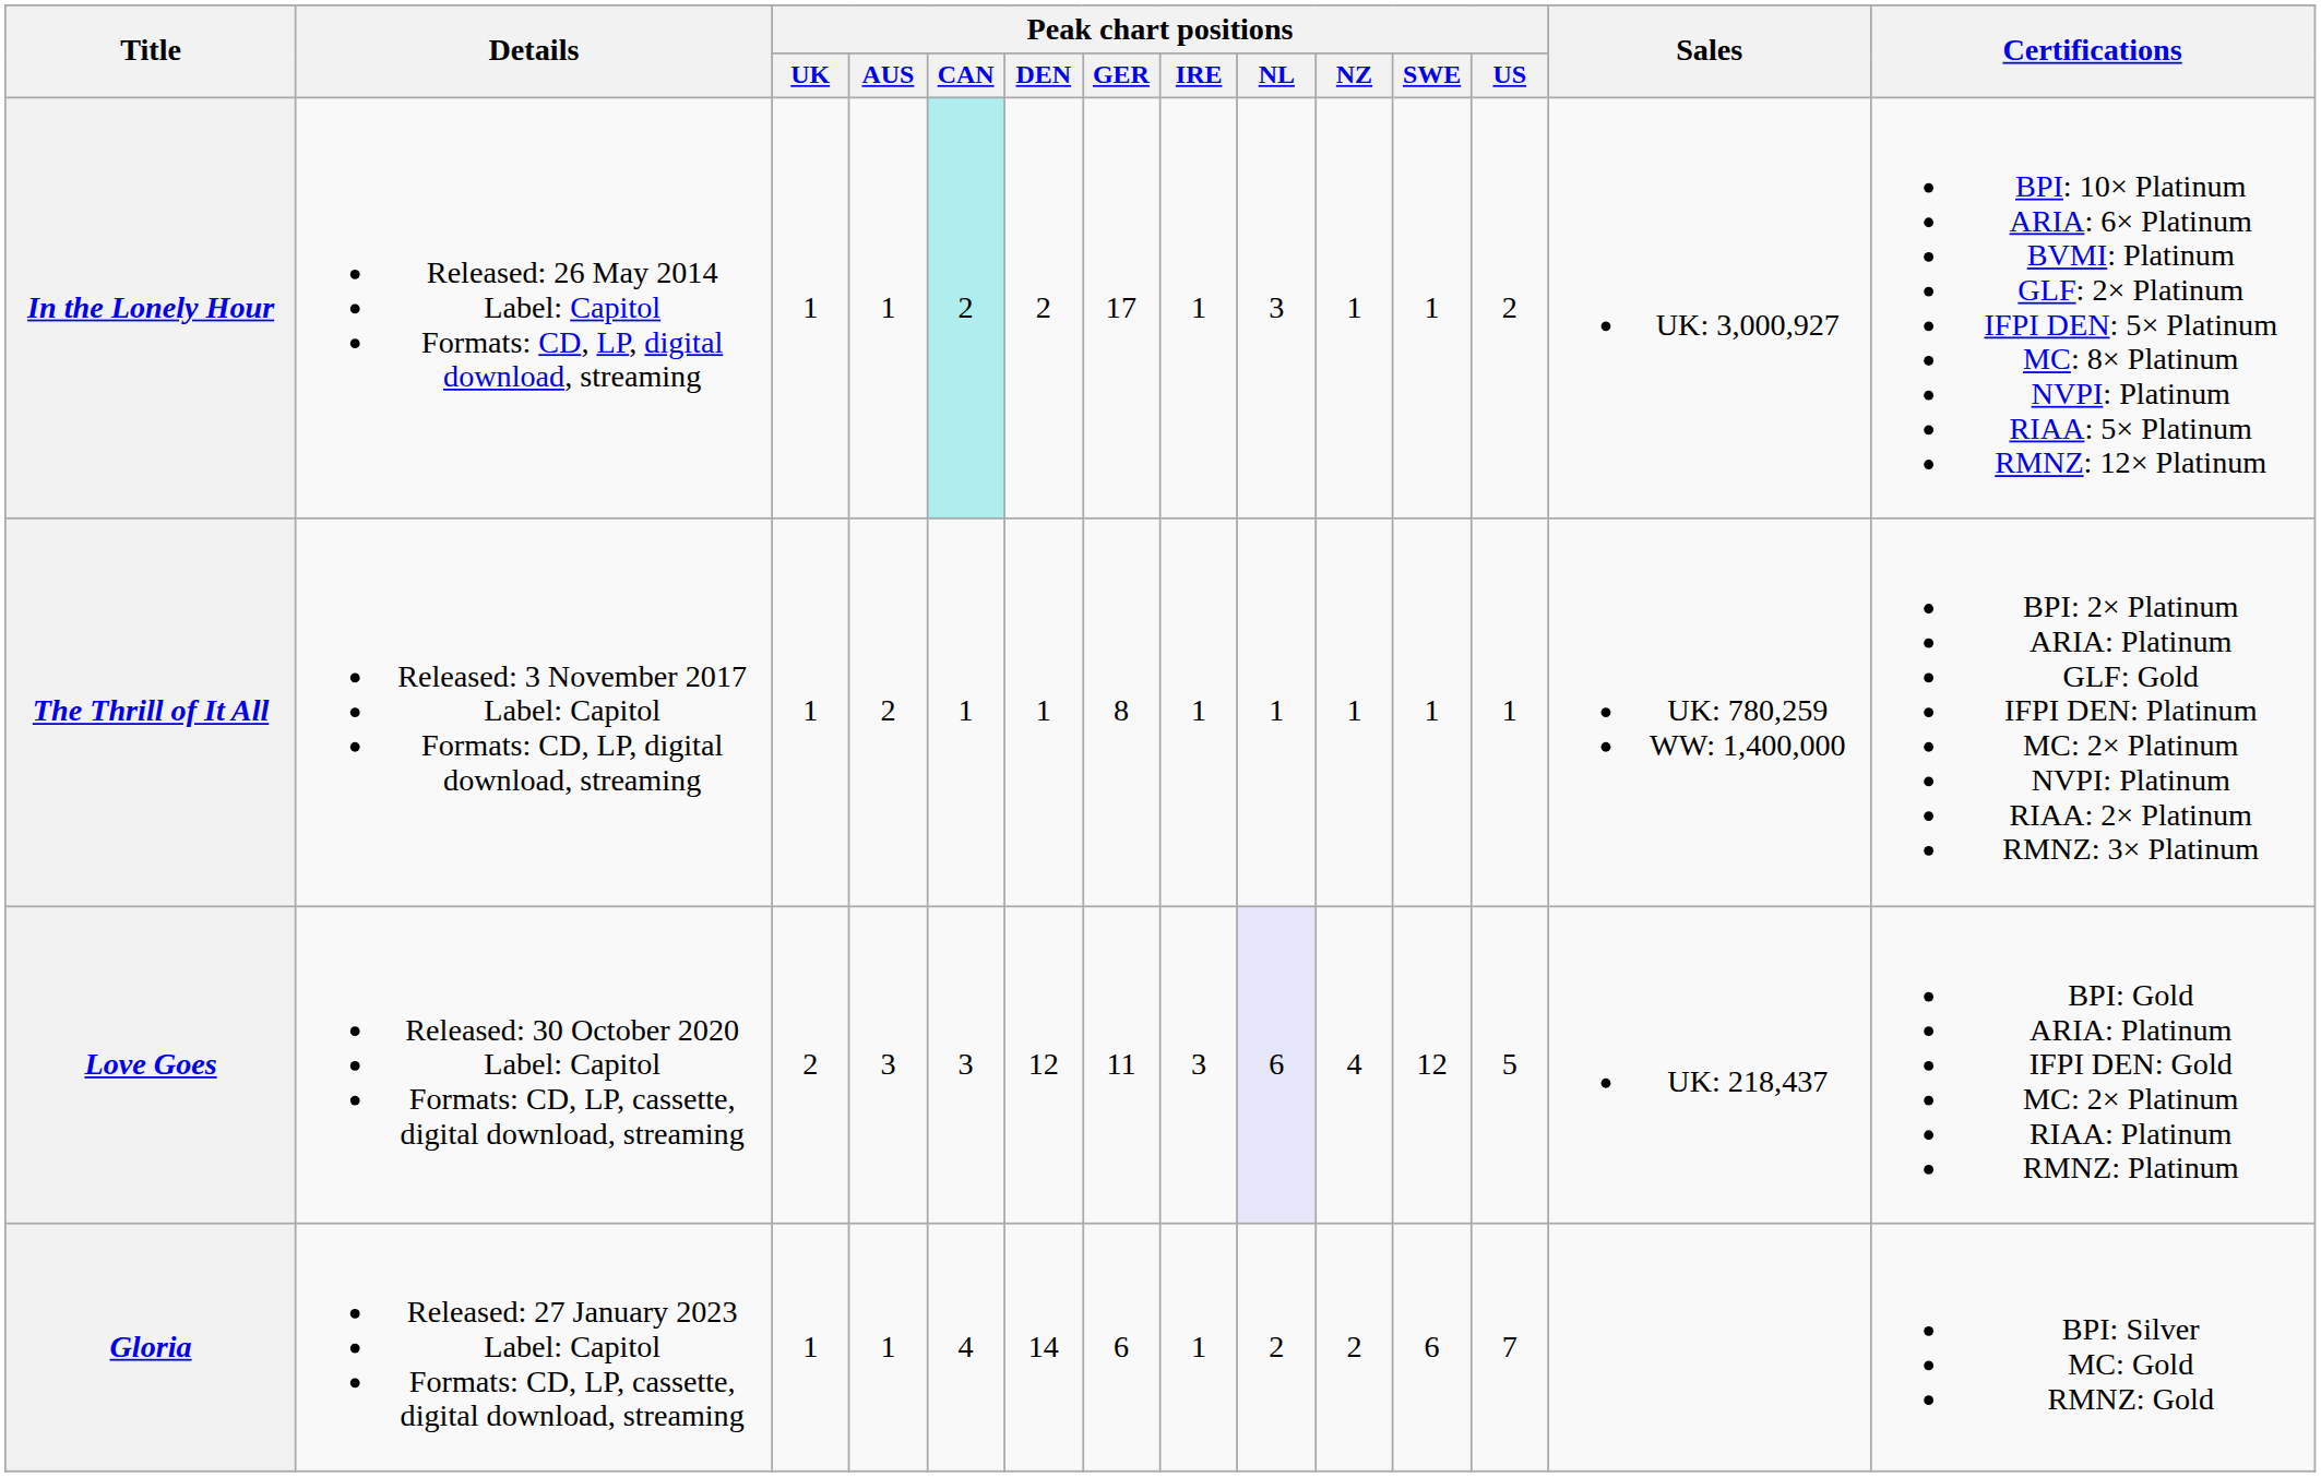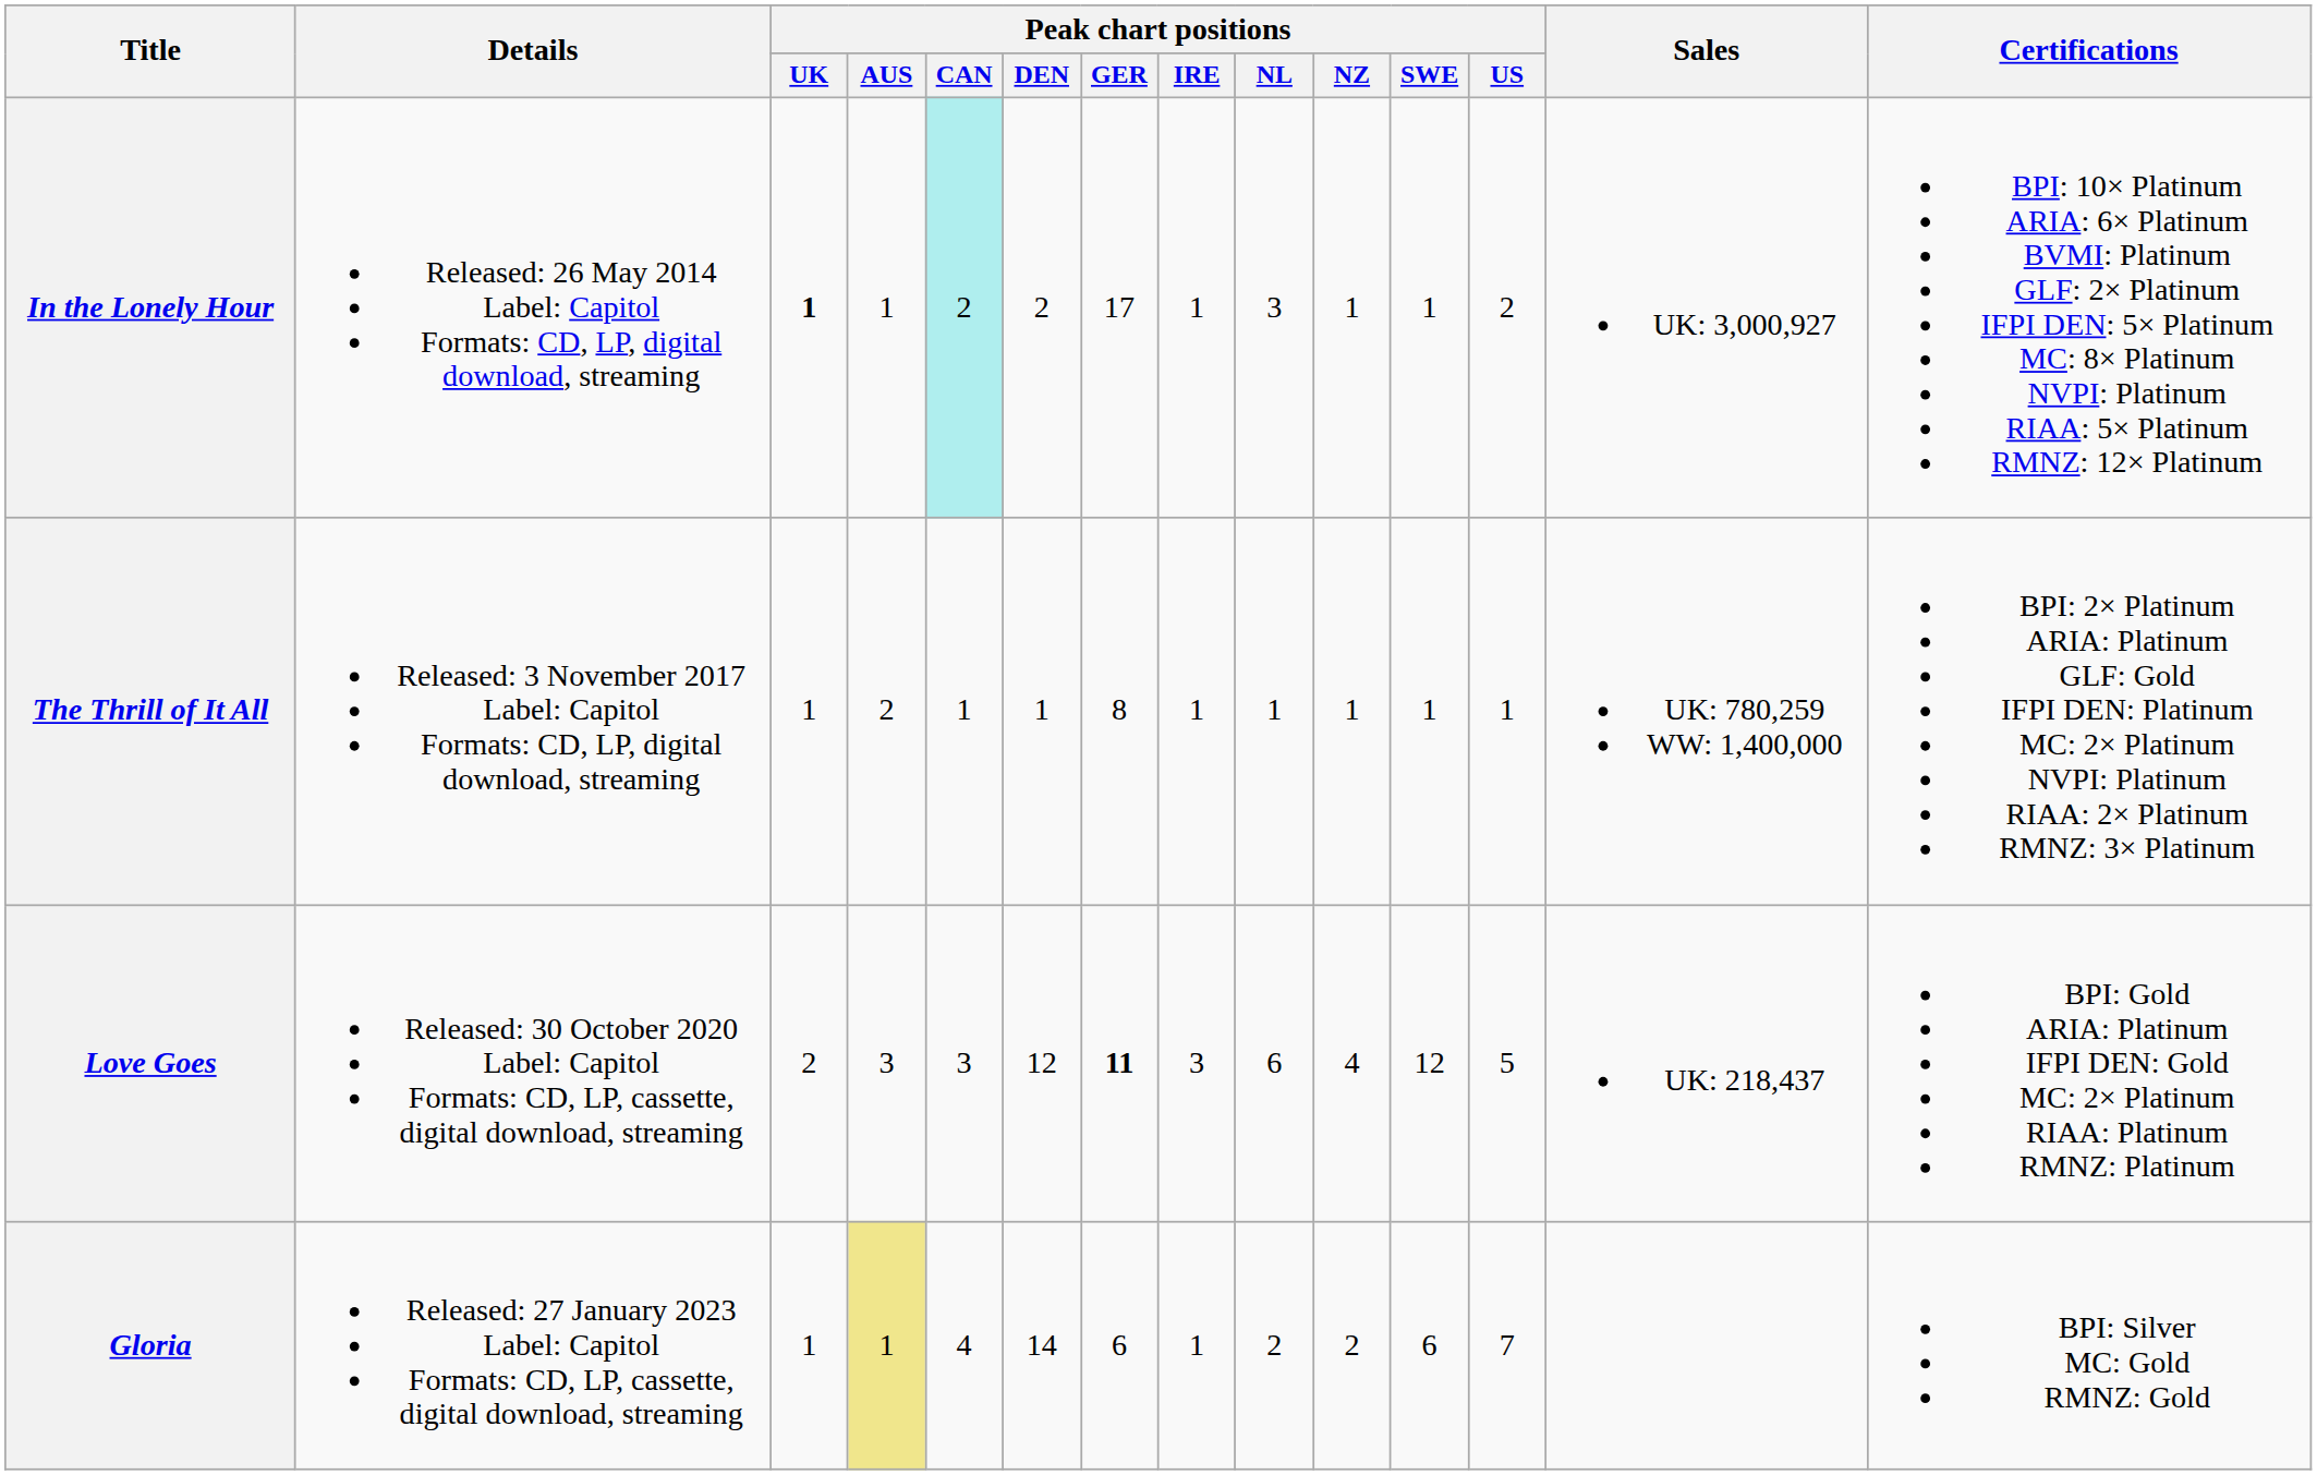 <table class="wikitable plainrowheaders" style="text-align:center;">
 <tr>
 <th scope="col" rowspan="2" style="width:9em;">Title</th>
 <th scope="col" rowspan="2" style="width:15em;">Details</th>
 <th scope="col" colspan="10">Peak chart positions</th>
 <th scope="col" rowspan="2" style="width:10em;">Sales</th>
 <th scope="col" rowspan="2" style="width:14em;"><a href='#'>Certifications</a></th>
 </tr>
 <tr>
 <th scope="col" style="width:2.5em;font-size:85%;"><a href='#'>UK</a><br></th>
 <th scope="col" style="width:2.5em;font-size:85%;"><a href='#'>AUS</a><br></th>
 <th scope="col" style="width:2.5em;font-size:85%;"><a href='#'>CAN</a><br></th>
 <th scope="col" style="width:2.5em;font-size:85%;"><a href='#'>DEN</a><br></th>
 <th scope="col" style="width:2.5em;font-size:85%;"><a href='#'>GER</a><br></th>
 <th scope="col" style="width:2.5em;font-size:85%;"><a href='#'>IRE</a><br></th>
 <th scope="col" style="width:2.5em;font-size:85%;"><a href='#'>NL</a><br></th>
 <th scope="col" style="width:2.5em;font-size:85%;"><a href='#'>NZ</a><br></th>
 <th scope="col" style="width:2.5em;font-size:85%;"><a href='#'>SWE</a><br></th>
 <th scope="col" style="width:2.5em;font-size:85%;"><a href='#'>US</a><br></th>
 </tr>
 <tr>
 <th scope="row"><em><a href='#'>In the Lonely Hour</a></em></th>
 <td><br><ul><li>Released: 26 May 2014</li><li>Label: <a href='#'>Capitol</a></li><li>Formats: <a href='#'>CD</a>, <a href='#'>LP</a>, <a href='#'>digital download</a>, streaming</li></ul></td>
-<td>1</td>
+<td><strong>1</strong></td>
 <td>1</td>
 <td style="background: paleturquoise;">2</td>
 <td>2</td>
 <td>17</td>
 <td>1</td>
 <td>3</td>
 <td>1</td>
 <td>1</td>
 <td>2</td>
 <td><br><ul><li>UK: 3,000,927</li></ul></td>
 <td><br><ul><li><a href='#'>BPI</a>: 10× Platinum</li><li><a href='#'>ARIA</a>: 6× Platinum</li><li><a href='#'>BVMI</a>: Platinum</li><li><a href='#'>GLF</a>: 2× Platinum</li><li><a href='#'>IFPI DEN</a>: 5× Platinum</li><li><a href='#'>MC</a>: 8× Platinum</li><li><a href='#'>NVPI</a>: Platinum</li><li><a href='#'>RIAA</a>: 5× Platinum</li><li><a href='#'>RMNZ</a>: 12× Platinum</li></ul></td>
 </tr>
 <tr>
 <th scope="row"><em><a href='#'>The Thrill of It All</a></em></th>
 <td><br><ul><li>Released: 3 November 2017</li><li>Label: Capitol</li><li>Formats: CD, LP, digital download, streaming</li></ul></td>
 <td>1</td>
 <td>2</td>
 <td>1</td>
 <td>1</td>
 <td>8</td>
 <td>1</td>
 <td>1</td>
 <td>1</td>
 <td>1</td>
 <td>1</td>
 <td><br><ul><li>UK: 780,259</li><li>WW: 1,400,000</li></ul></td>
 <td><br><ul><li>BPI: 2× Platinum</li><li>ARIA: Platinum</li><li>GLF: Gold</li><li>IFPI DEN: Platinum</li><li>MC: 2× Platinum</li><li>NVPI: Platinum</li><li>RIAA: 2× Platinum</li><li>RMNZ: 3× Platinum</li></ul></td>
 </tr>
 <tr>
 <th scope="row"><em><a href='#'>Love Goes</a></em></th>
 <td><br><ul><li>Released: 30 October 2020</li><li>Label: Capitol</li><li>Formats: CD, LP, cassette, digital download, streaming</li></ul></td>
 <td>2</td>
 <td>3</td>
 <td>3</td>
 <td>12</td>
-<td>11</td>
+<td><strong>11</strong></td>
 <td>3</td>
-<td style="background: lavender;">6</td>
+<td>6</td>
 <td>4</td>
 <td>12</td>
 <td>5</td>
 <td><br><ul><li>UK: 218,437</li></ul></td>
 <td><br><ul><li>BPI: Gold</li><li>ARIA: Platinum</li><li>IFPI DEN: Gold</li><li>MC: 2× Platinum</li><li>RIAA: Platinum</li><li>RMNZ: Platinum</li></ul></td>
 </tr>
 <tr>
 <th scope="row"><em><a href='#'>Gloria</a></em></th>
 <td><br><ul><li>Released: 27 January 2023</li><li>Label: Capitol</li><li>Formats: CD, LP, cassette, digital download, streaming</li></ul></td>
 <td>1</td>
-<td>1</td>
+<td style="background: khaki;">1</td>
 <td>4</td>
 <td>14</td>
 <td>6</td>
 <td>1</td>
 <td>2</td>
 <td>2</td>
 <td>6</td>
 <td>7</td>
 <td></td>
 <td><br><ul><li>BPI: Silver</li><li>MC: Gold</li><li>RMNZ: Gold</li></ul></td>
 </tr>
 </table>
